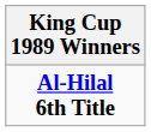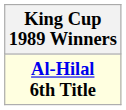 <table class="wikitable" style="text-align: center; margin: 0 auto;">
 <tr>
 <th>King Cup <br>1989 Winners</th>
 </tr>
 <tr>
-<td><strong><a href='#'>Al-Hilal</a></strong><br><strong>6th Title</strong></td>
+<td style="background: lightyellow;"><strong><a href='#'>Al-Hilal</a></strong><br><strong>6th Title</strong></td>
 </tr>
 </table>
